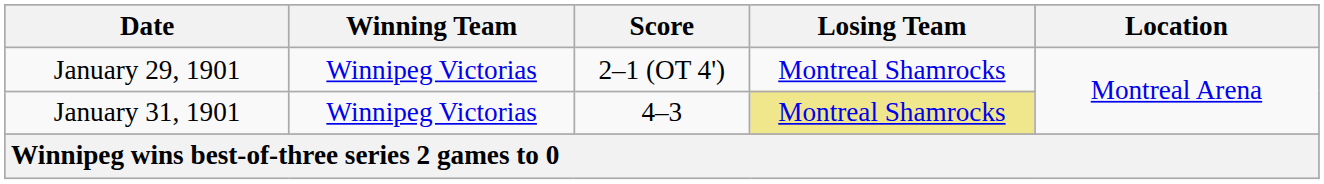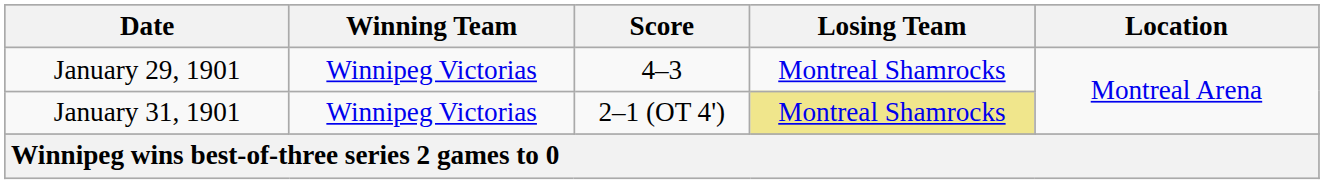 <table class="wikitable" style="text-align:center;">
 <tr>
 <th style="width:10em">Date</th>
 <th style="width:10em">Winning Team</th>
 <th style="width:6em">Score</th>
 <th style="width:10em">Losing Team</th>
 <th style="width:10em">Location</th>
 </tr>
 <tr>
 <td>January 29, 1901</td>
 <td><a href='#'>Winnipeg Victorias</a></td>
-<td>2–1 (OT 4')</td>
+<td>4–3</td>
 <td><a href='#'>Montreal Shamrocks</a></td>
 <td rowspan="2"><a href='#'>Montreal Arena</a></td>
 </tr>
 <tr>
 <td>January 31, 1901</td>
 <td><a href='#'>Winnipeg Victorias</a></td>
-<td>4–3</td>
+<td>2–1 (OT 4')</td>
 <td style="background: khaki;"><a href='#'>Montreal Shamrocks</a></td>
 </tr>
 <tr>
 <th colspan="6" style="text-align:left;">Winnipeg wins best-of-three series 2 games to 0</th>
 </tr>
 </table>
